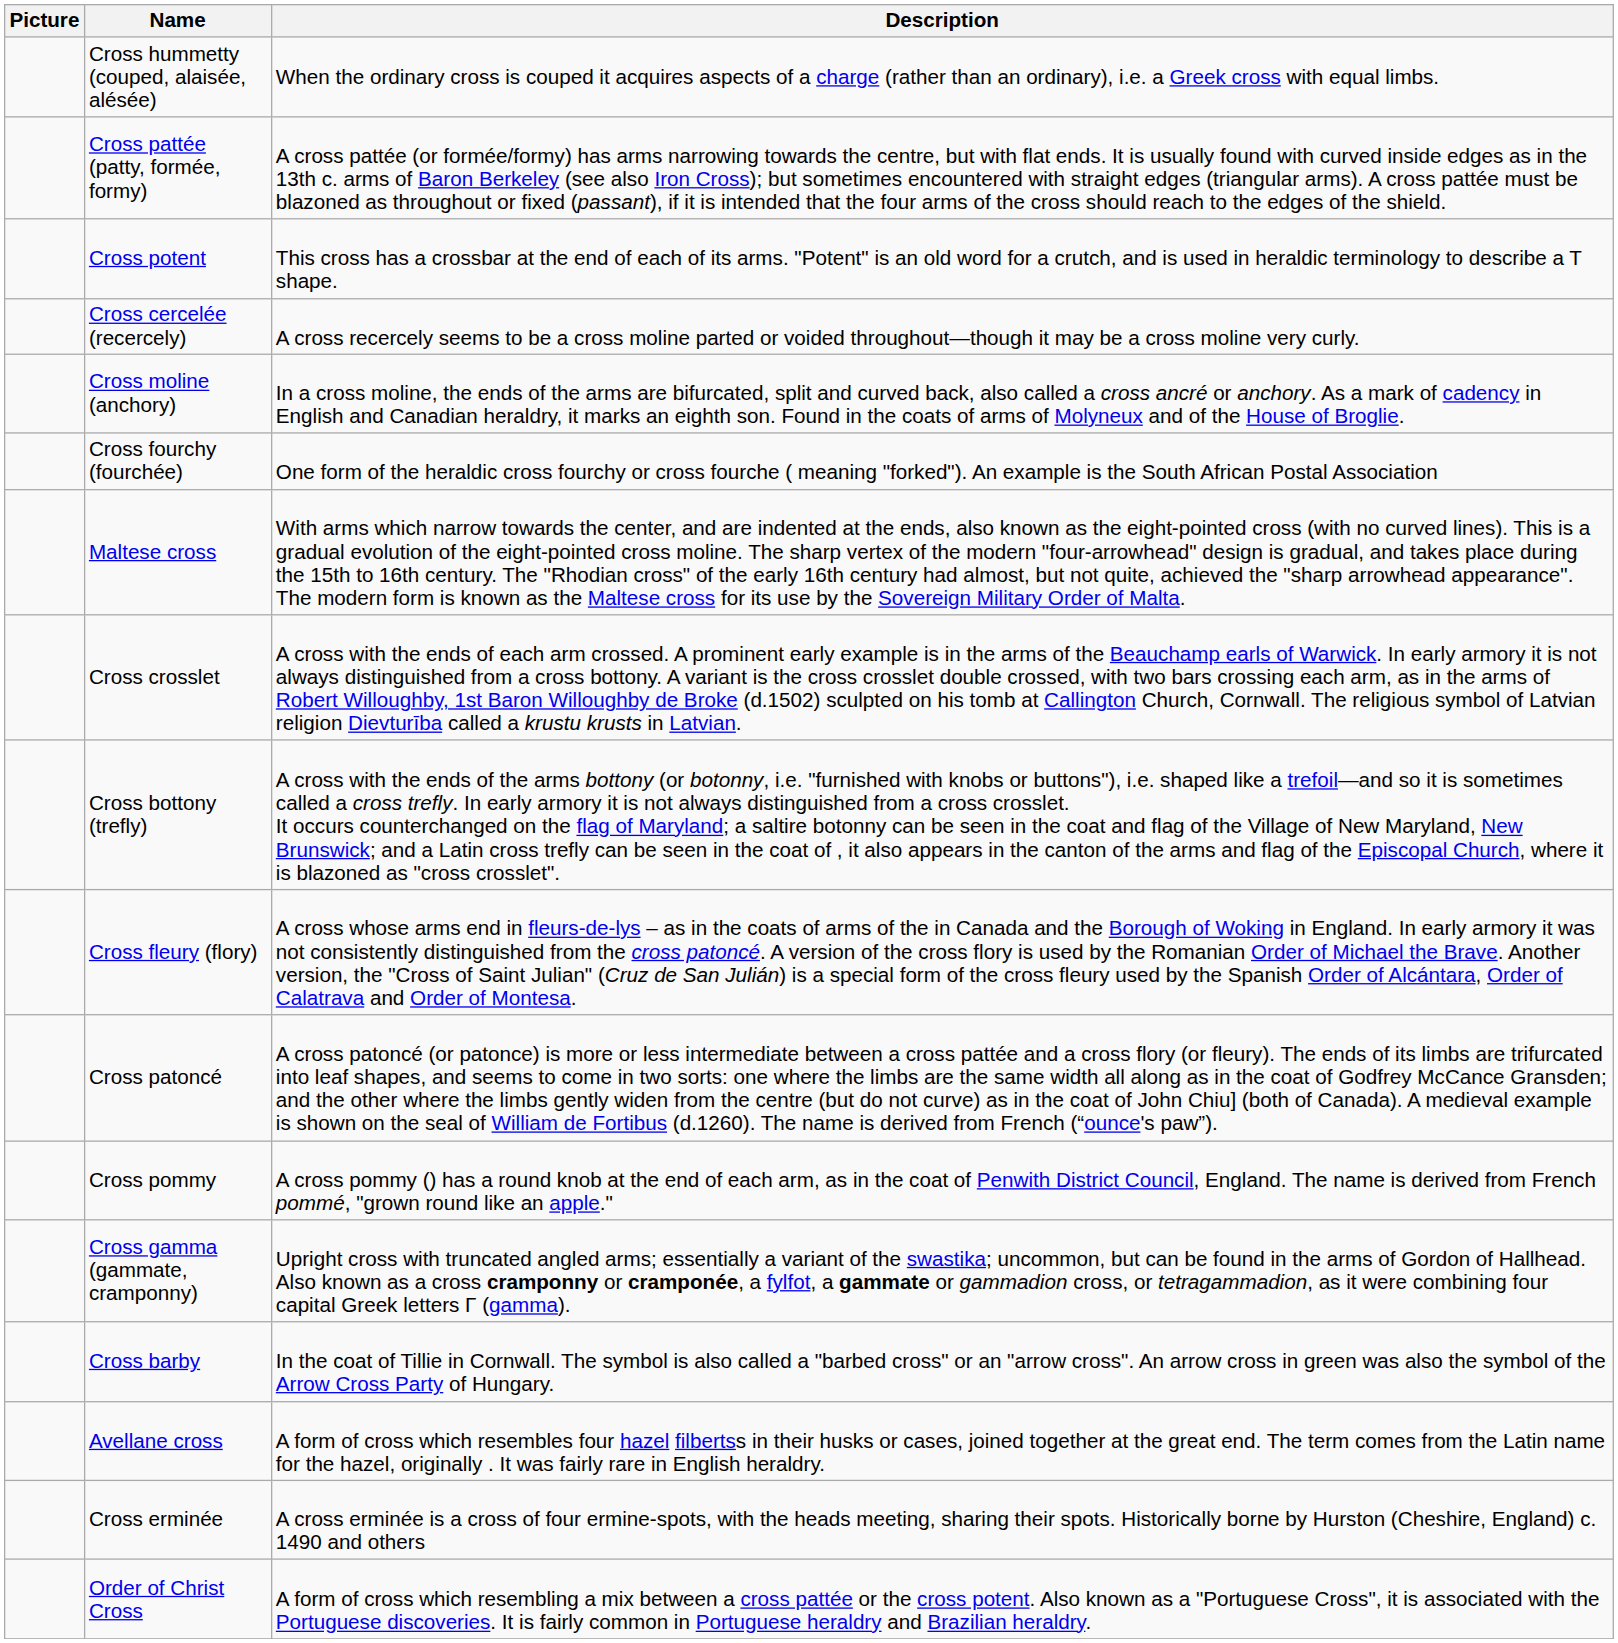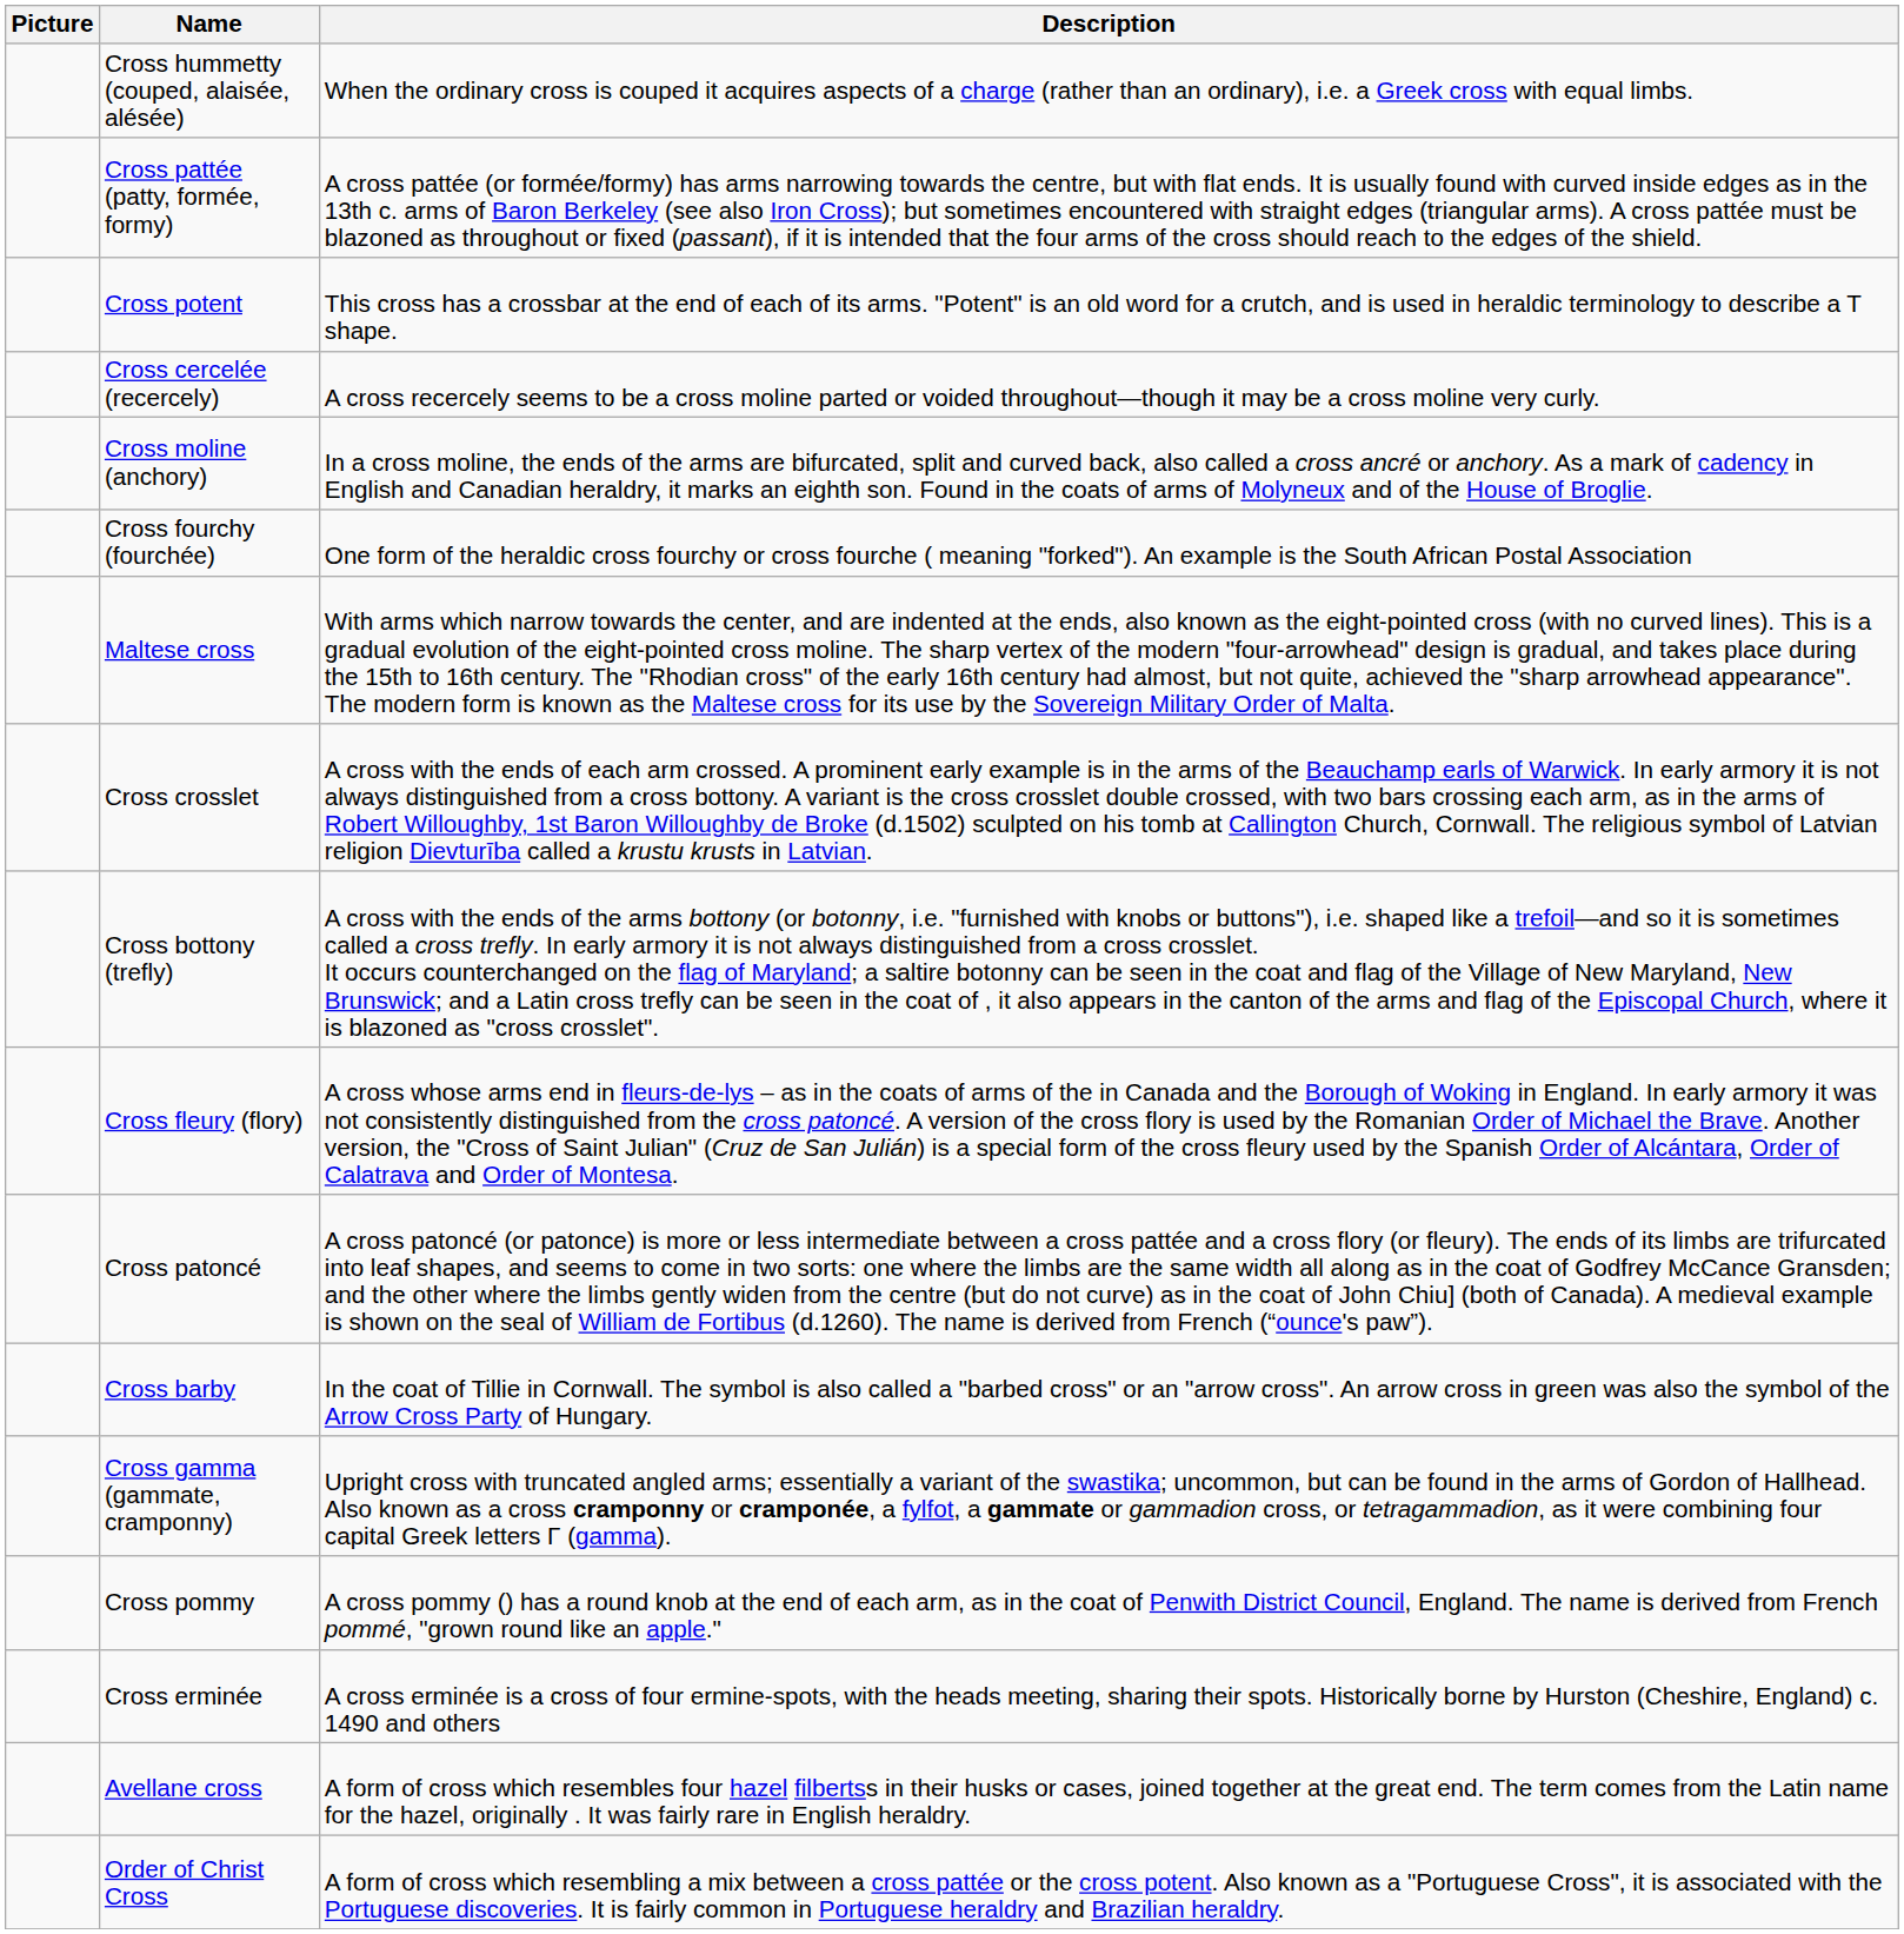 <table class="wikitable">
 <tr>
 <th>Picture</th>
 <th>Name</th>
 <th>Description</th>
 </tr>
 <tr>
 <td></td>
 <td>Cross hummetty (couped, alaisée, alésée)</td>
 <td>When the ordinary cross is couped it acquires aspects of a <a href='#'>charge</a> (rather than an ordinary), i.e. a <a href='#'>Greek cross</a> with equal limbs.</td>
 </tr>
 <tr>
 <td style="text-align:center;"></td>
 <td><a href='#'>Cross pattée</a> (patty, formée, formy)</td>
 <td><br>A cross pattée (or formée/formy) has arms narrowing towards the centre, but with flat ends. It is usually found with curved inside edges as in the 13th c. arms of <a href='#'>Baron Berkeley</a> (see also <a href='#'>Iron Cross</a>); but sometimes encountered with straight edges (triangular arms). A cross pattée must be blazoned as throughout or fixed (<em>passant</em>), if it is intended that the four arms of the cross should reach to the edges of the shield.</td>
 </tr>
 <tr>
 <td style="text-align:center;"></td>
 <td><span><a href='#'>Cross potent</a></span></td>
 <td><br>This cross has a crossbar at the end of each of its arms. "Potent" is an old word for a crutch, and is used in heraldic terminology to describe a T shape.</td>
 </tr>
 <tr>
 <td style="text-align:center;"></td>
 <td><a href='#'>Cross cercelée</a> (recercely)</td>
 <td><br>A cross recercely seems to be a cross moline parted or voided throughout—though it may be a cross moline very curly.</td>
 </tr>
 <tr>
 <td style="text-align:center;"></td>
 <td><a href='#'>Cross moline</a> (anchory)</td>
 <td><br>In a cross moline, the ends of the arms are bifurcated, split and curved back, also called a <em>cross ancré</em> or <em>anchory</em>. As a mark of <a href='#'>cadency</a> in English and Canadian heraldry, it marks an eighth son. Found in the coats of arms of <a href='#'>Molyneux</a> and of the <a href='#'>House of Broglie</a>.</td>
 </tr>
 <tr>
 <td style="text-align:center;"></td>
 <td>Cross fourchy (fourchée)</td>
 <td><br>One form of the heraldic cross fourchy or cross fourche ( meaning "forked"). An example is the South African Postal Association</td>
 </tr>
 <tr>
 <td style="text-align:center;"></td>
 <td><a href='#'>Maltese cross</a></td>
 <td><br>With arms which narrow towards the center, and are indented at the ends, also known as the eight-pointed cross (with no curved lines). This is a gradual evolution of the eight-pointed cross moline. The sharp vertex of the modern "four-arrowhead" design is gradual, and takes place during the 15th to 16th century. The "Rhodian cross" of the early 16th century had almost, but not quite, achieved the "sharp arrowhead appearance". The modern form is known as the <a href='#'>Maltese cross</a> for its use by the <a href='#'>Sovereign Military Order of Malta</a>.</td>
 </tr>
 <tr>
 <td style="text-align:center;"></td>
 <td>Cross crosslet</td>
 <td><br>A cross with the ends of each arm crossed. A prominent early example is in the arms of the <a href='#'>Beauchamp earls of Warwick</a>. In early armory it is not always distinguished from a cross bottony. A variant is the cross crosslet double crossed, with two bars crossing each arm, as in the arms of <a href='#'>Robert Willoughby, 1st Baron Willoughby de Broke</a> (d.1502) sculpted on his tomb at <a href='#'>Callington</a> Church, Cornwall. The religious symbol of Latvian religion <a href='#'>Dievturība</a> called a <em>krustu krusts</em> in <a href='#'>Latvian</a>.</td>
 </tr>
 <tr>
 <td style="text-align:center;"></td>
 <td>Cross bottony (trefly)</td>
 <td><br>A cross with the ends of the arms <em>bottony</em> (or <em>botonny</em>, i.e. "furnished with knobs or buttons"), i.e. shaped like a <a href='#'>trefoil</a>—and so it is sometimes called a <em>cross trefly</em>. In early armory it is not always distinguished from a cross crosslet.<br>It occurs counterchanged on the <a href='#'>flag of Maryland</a>; a saltire botonny can be seen in the coat and flag of the  Village of New Maryland, <a href='#'>New Brunswick</a>; and a Latin cross trefly can be seen in the coat of , it also appears in the canton of the arms and flag of the <a href='#'>Episcopal Church</a>, where it is blazoned as "cross crosslet".</td>
 </tr>
 <tr>
 <td style="text-align:center;"></td>
 <td><a href='#'>Cross fleury</a> (flory)</td>
 <td><br>A cross whose arms end in <a href='#'>fleurs-de-lys</a> – as in the coats of arms of the  in Canada and the  <a href='#'>Borough of Woking</a> in England. In early armory it was not consistently distinguished from the <em><a href='#'>cross patoncé</a></em>. A version of the cross flory is used by the Romanian <a href='#'>Order of Michael the Brave</a>. Another version, the "Cross of Saint Julian" (<em>Cruz de San Julián</em>) is a special form of the cross fleury used by the Spanish <a href='#'>Order of Alcántara</a>, <a href='#'>Order of Calatrava</a> and <a href='#'>Order of Montesa</a>.</td>
 </tr>
 <tr>
 <td style="text-align:center;"></td>
 <td>Cross patoncé</td>
 <td><br>A cross patoncé (or patonce) is more or less intermediate between a cross pattée and a cross flory (or fleury). The ends of its limbs are trifurcated into leaf shapes, and seems to come in two sorts: one where the limbs are the same width all along as in the coat of Godfrey McCance Gransden; and the other where the limbs gently widen from the centre (but do not curve) as in the coat of John Chiu] (both of Canada). A medieval example is shown on the seal of <a href='#'>William de Fortibus</a> (d.1260). The name is derived from French  (“<a href='#'>ounce</a>'s paw”).</td>
 </tr>
 <tr>
 <td style="text-align:center;"></td>
-<td>Cross pommy</td>
-<td><br>A cross pommy () has a round knob at the end of each arm, as in the coat of <a href='#'>Penwith District Council</a>, England. The name is derived from French <em>pommé</em>, "grown round like an <a href='#'>apple</a>."</td>
+<td><a href='#'>Cross barby</a></td>
+<td><br>In the coat of Tillie in Cornwall. The symbol is also called a "barbed cross" or an "arrow cross". An arrow cross in green was also the symbol of the <a href='#'>Arrow Cross Party</a> of Hungary.</td>
 </tr>
 <tr>
 <td style="text-align:center;"></td>
 <td><a href='#'>Cross gamma</a> (gammate, cramponny)</td>
 <td><br>Upright cross with truncated angled arms; essentially a variant of the <a href='#'>swastika</a>; uncommon, but can be found in the arms of Gordon of Hallhead. Also known as a cross <strong>cramponny</strong> or <strong>cramponée</strong>, a <a href='#'>fylfot</a>, a <strong>gammate</strong> or <em>gammadion</em> cross, or <em>tetragammadion</em>, as it were combining four capital Greek letters Γ (<a href='#'>gamma</a>).</td>
 </tr>
 <tr>
 <td style="text-align:center;"></td>
-<td><a href='#'>Cross barby</a></td>
-<td><br>In the coat of Tillie in Cornwall. The symbol is also called a "barbed cross" or an "arrow cross". An arrow cross in green was also the symbol of the <a href='#'>Arrow Cross Party</a> of Hungary.</td>
+<td>Cross pommy</td>
+<td><br>A cross pommy () has a round knob at the end of each arm, as in the coat of <a href='#'>Penwith District Council</a>, England. The name is derived from French <em>pommé</em>, "grown round like an <a href='#'>apple</a>."</td>
+</tr>
+<tr>
+<td style="text-align:center;"></td>
+<td>Cross erminée</td>
+<td><br>A cross erminée is a cross of four ermine-spots, with the heads meeting, sharing their spots. Historically borne by Hurston (Cheshire, England) c. 1490 and others</td>
 </tr>
 <tr>
 <td style="text-align:center;"></td>
 <td><a href='#'>Avellane cross</a></td>
 <td><br>A form of cross which resembles four <a href='#'>hazel</a> <a href='#'>filberts</a>s in their husks or cases, joined together at the great end. The term comes from the Latin name for the hazel, originally . It was fairly rare in English heraldry.</td>
-</tr>
-<tr>
-<td style="text-align:center;"></td>
-<td>Cross erminée</td>
-<td><br>A cross erminée is a cross of four ermine-spots, with the heads meeting, sharing their spots. Historically borne by Hurston (Cheshire, England) c. 1490 and others</td>
 </tr>
 <tr>
 <td style="text-align:center;"></td>
 <td><a href='#'>Order of Christ Cross</a></td>
 <td><br>A form of cross which resembling a mix between a <a href='#'>cross pattée</a> or the <a href='#'>cross potent</a>. Also known as a "Portuguese Cross", it is associated with the <a href='#'>Portuguese discoveries</a>. It is fairly common in <a href='#'>Portuguese heraldry</a> and <a href='#'>Brazilian heraldry</a>.</td>
 </tr>
 <tr>
 </tr>
 </table>
